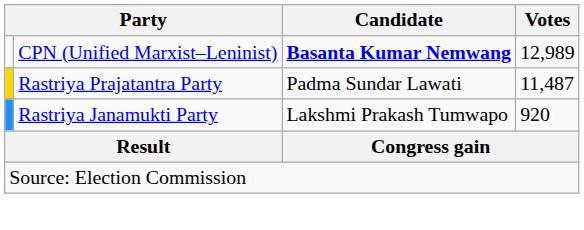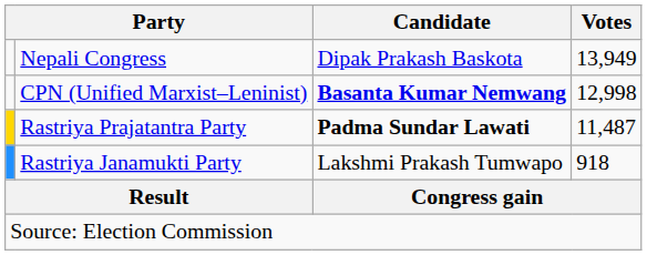 <table class="wikitable">
 <tr>
 <th colspan="2">Party</th>
 <th>Candidate</th>
 <th>Votes</th>
 </tr>
 <tr>
 <td style="background-color:"></td>
+<td><a href='#'>Nepali Congress</a></td>
+<td><a href='#'>Dipak Prakash Baskota</a></td>
+<td>13,949</td>
+</tr>
+<tr>
+<td style="background-color:"></td>
 <td><a href='#'>CPN (Unified Marxist–Leninist)</a></td>
 <td><strong><a href='#'>Basanta Kumar Nemwang</a></strong></td>
-<td>12,989</td>
+<td>12,998</td>
 </tr>
 <tr>
 <td style="background-color:gold"></td>
 <td><a href='#'>Rastriya Prajatantra Party</a></td>
-<td>Padma Sundar Lawati</td>
+<td><strong>Padma Sundar Lawati</strong></td>
 <td>11,487</td>
 </tr>
 <tr>
 <td style="background-color:dodgerblue"></td>
 <td><a href='#'>Rastriya Janamukti Party</a></td>
 <td>Lakshmi Prakash Tumwapo</td>
-<td>920</td>
+<td>918</td>
 </tr>
 <tr>
 <th colspan="2">Result</th>
 <th colspan="2">Congress gain</th>
 </tr>
 <tr>
 <td colspan="4">Source: Election Commission</td>
 </tr>
 </table>
